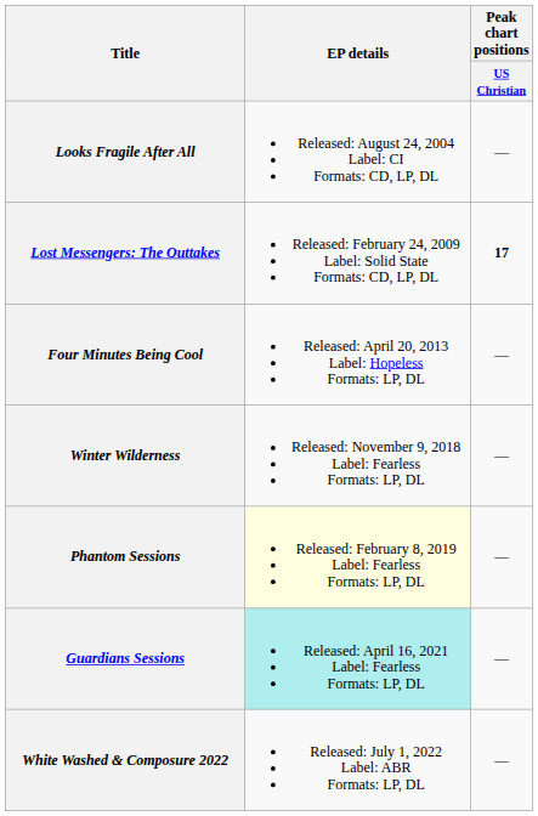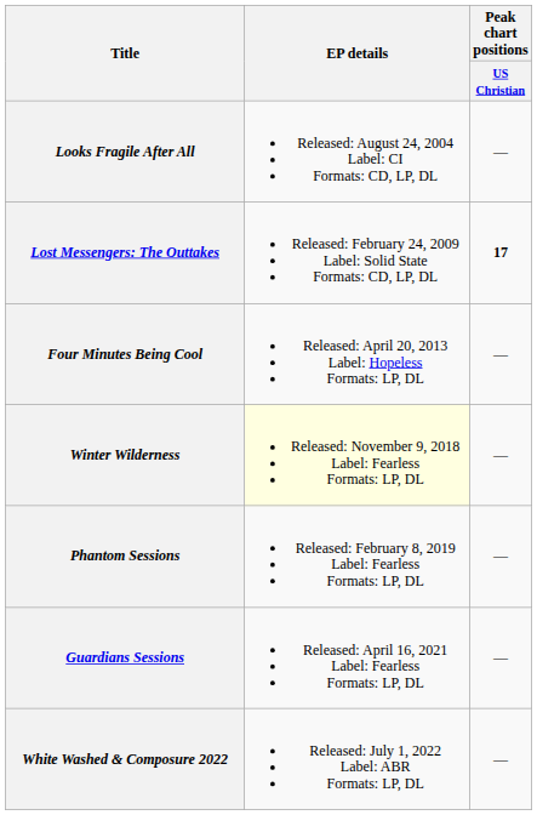 <table class="wikitable plainrowheaders" style="text-align:center;">
 <tr>
 <th scope="col" rowspan="2" style="width:16em;">Title</th>
 <th scope="col" rowspan="2" style="width:15em;">EP details</th>
 <th scope="col" colspan="1">Peak chart positions</th>
 </tr>
 <tr>
 <th style="width:50px;"><small><a href='#'>US Christian</a></small><br></th>
 </tr>
 <tr>
 <th scope="row"><em>Looks Fragile After All</em></th>
 <td><br><ul><li>Released: August 24, 2004</li><li>Label: CI</li><li>Formats: CD, LP, DL</li></ul></td>
 <td>—</td>
 </tr>
 <tr>
 <th scope="row"><em><a href='#'>Lost Messengers: The Outtakes</a></em></th>
 <td><br><ul><li>Released: February 24, 2009</li><li>Label: Solid State</li><li>Formats: CD, LP, DL</li></ul></td>
 <td><strong>17</strong></td>
 </tr>
 <tr>
 <th scope="row"><em>Four Minutes Being Cool</em><br></th>
 <td><br><ul><li>Released: April 20, 2013</li><li>Label: <a href='#'>Hopeless</a></li><li>Formats: LP, DL</li></ul></td>
 <td>—</td>
 </tr>
 <tr>
 <th scope="row"><em>Winter Wilderness</em></th>
-<td><br><ul><li>Released: November 9, 2018</li><li>Label: Fearless</li><li>Formats: LP, DL</li></ul></td>
+<td style="background: lightyellow;"><br><ul><li>Released: November 9, 2018</li><li>Label: Fearless</li><li>Formats: LP, DL</li></ul></td>
 <td>—</td>
 </tr>
 <tr>
 <th scope="row"><em>Phantom Sessions</em></th>
-<td style="background: lightyellow;"><br><ul><li>Released: February 8, 2019</li><li>Label: Fearless</li><li>Formats: LP, DL</li></ul></td>
+<td><br><ul><li>Released: February 8, 2019</li><li>Label: Fearless</li><li>Formats: LP, DL</li></ul></td>
 <td>—</td>
 </tr>
 <tr>
 <th scope="row"><em><a href='#'>Guardians Sessions</a></em></th>
-<td style="background: paleturquoise;"><br><ul><li>Released: April 16, 2021</li><li>Label: Fearless</li><li>Formats: LP, DL</li></ul></td>
+<td><br><ul><li>Released: April 16, 2021</li><li>Label: Fearless</li><li>Formats: LP, DL</li></ul></td>
 <td>—</td>
 </tr>
 <tr>
 <th scope="row"><em>White Washed & Composure 2022</em></th>
 <td><br><ul><li>Released: July 1, 2022</li><li>Label: ABR</li><li>Formats: LP, DL</li></ul></td>
 <td>—</td>
 </tr>
 </table>
